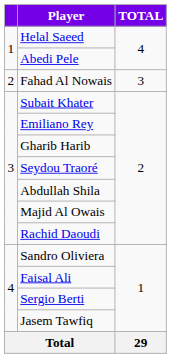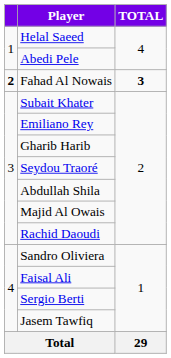 <table border="0" class="wikitable" style="text-align:center;font-size:95%">
 <tr>
 <th scope=col style="color:#FFFFFF; background:#7300E6;"></th>
 <th scope=col style="color:#FFFFFF; background:#7300E6;">Player</th>
 <th scope=col style="color:#FFFFFF; background:#7300E6;">TOTAL</th>
 </tr>
 <tr>
 <td rowspan=2>1</td>
 <td align=left> <a href='#'>Helal Saeed</a></td>
 <td rowspan=2 align=center>4</td>
 </tr>
 <tr>
 <td align=left> <a href='#'>Abedi Pele</a></td>
 </tr>
 <tr>
-<td rowspan=1>2</td>
+<td rowspan=1><strong>2</strong></td>
 <td align=left> Fahad Al Nowais</td>
-<td rowspan=1 align=center>3</td>
+<td rowspan=1 align=center><strong>3</strong></td>
 </tr>
 <tr>
 <td rowspan=7>3</td>
 <td align=left> <a href='#'>Subait Khater</a></td>
 <td rowspan=7 align=center>2</td>
 </tr>
 <tr>
 <td align=left> <a href='#'>Emiliano Rey</a></td>
 </tr>
 <tr>
 <td align=left> Gharib Harib</td>
 </tr>
 <tr>
 <td align=left> <a href='#'>Seydou Traoré</a></td>
 </tr>
 <tr>
 <td align=left> Abdullah Shila</td>
 </tr>
 <tr>
 <td align=left> Majid Al Owais</td>
 </tr>
 <tr>
 <td align=left> <a href='#'>Rachid Daoudi</a></td>
 </tr>
 <tr>
 <td rowspan=4>4</td>
 <td align=left> Sandro Oliviera</td>
 <td rowspan=4 align=center>1</td>
 </tr>
 <tr>
 <td align=left> <a href='#'>Faisal Ali</a></td>
 </tr>
 <tr>
 <td align=left> <a href='#'>Sergio Berti</a></td>
 </tr>
 <tr>
 <td align=left> Jasem Tawfiq</td>
 </tr>
 <tr>
 <th colspan="2">Total</th>
 <th>29</th>
 </tr>
 </table>
